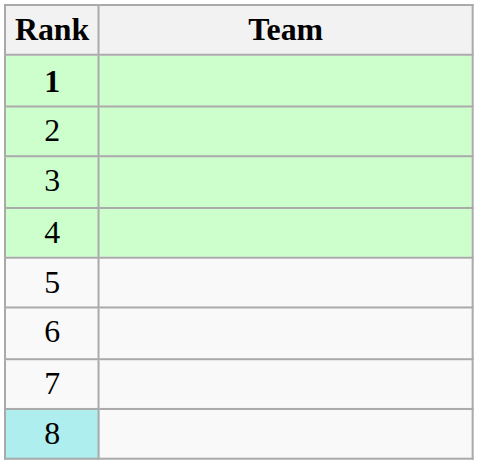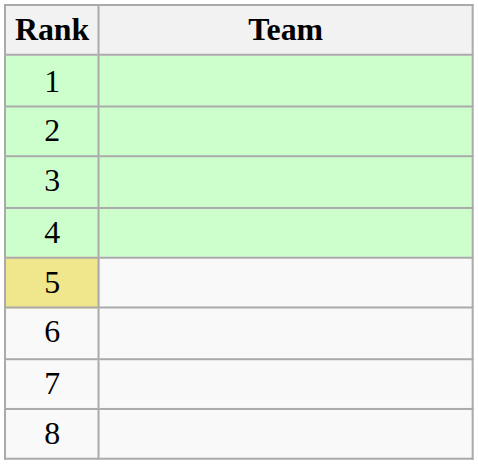 <table class="wikitable" style="text-align: center;">
 <tr>
 <th width=40>Rank</th>
 <th width=180>Team</th>
 </tr>
 <tr align=center bgcolor=#ccffcc>
-<td><strong>1</strong></td>
+<td>1</td>
 <td style="text-align:left;"></td>
 </tr>
 <tr align=center bgcolor=#ccffcc>
 <td>2</td>
 <td style="text-align:left;"></td>
 </tr>
 <tr align=center bgcolor=#ccffcc>
 <td>3</td>
 <td style="text-align:left;"></td>
 </tr>
 <tr align=center bgcolor=#ccffcc>
 <td>4</td>
 <td style="text-align:left;"></td>
 </tr>
 <tr align=center>
-<td>5</td>
+<td style="background: khaki;">5</td>
 <td style="text-align:left;"></td>
 </tr>
 <tr align=center>
 <td>6</td>
 <td style="text-align:left;"></td>
 </tr>
 <tr align=center>
 <td>7</td>
 <td style="text-align:left;"></td>
 </tr>
 <tr align=center>
-<td style="background: paleturquoise;">8</td>
+<td>8</td>
 <td style="text-align:left;"></td>
 </tr>
 </table>
